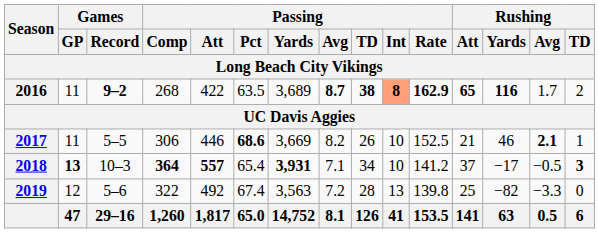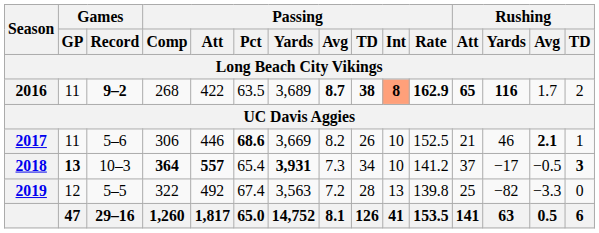 <table class="wikitable" style="text-align:center;">
 <tr>
 <th rowspan="2">Season</th>
 <th colspan="2">Games</th>
 <th colspan="8">Passing</th>
 <th colspan="4">Rushing</th>
 </tr>
 <tr>
 <th>GP</th>
 <th>Record</th>
 <th>Comp</th>
 <th>Att</th>
 <th>Pct</th>
 <th>Yards</th>
 <th>Avg</th>
 <th>TD</th>
 <th>Int</th>
 <th>Rate</th>
 <th>Att</th>
 <th>Yards</th>
 <th>Avg</th>
 <th>TD</th>
 </tr>
 <tr>
 <th colspan="16">Long Beach City Vikings</th>
 </tr>
 <tr>
 <th>2016</th>
 <td>11</td>
 <td><strong>9–2</strong></td>
 <td>268</td>
 <td>422</td>
 <td>63.5</td>
 <td>3,689</td>
 <td><strong>8.7</strong></td>
 <td><strong>38</strong></td>
 <td style="background: lightsalmon;"><strong>8</strong></td>
 <td><strong>162.9</strong></td>
 <td><strong>65</strong></td>
 <td><strong>116</strong></td>
 <td>1.7</td>
 <td>2</td>
 </tr>
 <tr>
 <th colspan="16">UC Davis Aggies</th>
 </tr>
 <tr>
 <th><a href='#'>2017</a></th>
 <td>11</td>
-<td>5–5</td>
+<td>5–6</td>
 <td>306</td>
 <td>446</td>
 <td><strong>68.6</strong></td>
 <td>3,669</td>
 <td>8.2</td>
 <td>26</td>
 <td>10</td>
 <td>152.5</td>
 <td>21</td>
 <td>46</td>
 <td><strong>2.1</strong></td>
 <td>1</td>
 </tr>
 <tr>
 <th><a href='#'>2018</a></th>
 <td><strong>13</strong></td>
 <td>10–3</td>
 <td><strong>364</strong></td>
 <td><strong>557</strong></td>
 <td>65.4</td>
 <td><strong>3,931</strong></td>
-<td>7.1</td>
+<td>7.3</td>
 <td>34</td>
 <td>10</td>
 <td>141.2</td>
 <td>37</td>
 <td>−17</td>
 <td>−0.5</td>
 <td><strong>3</strong></td>
 </tr>
 <tr>
 <th><a href='#'>2019</a></th>
 <td>12</td>
-<td>5–6</td>
+<td>5–5</td>
 <td>322</td>
 <td>492</td>
 <td>67.4</td>
 <td>3,563</td>
 <td>7.2</td>
 <td>28</td>
 <td>13</td>
 <td>139.8</td>
 <td>25</td>
 <td>−82</td>
 <td>−3.3</td>
 <td>0</td>
 </tr>
 <tr>
 <th></th>
 <th>47</th>
 <th>29–16</th>
 <th>1,260</th>
 <th>1,817</th>
 <th>65.0</th>
 <th>14,752</th>
 <th>8.1</th>
 <th>126</th>
 <th>41</th>
 <th>153.5</th>
 <th>141</th>
 <th>63</th>
 <th>0.5</th>
 <th>6</th>
 </tr>
 </table>
